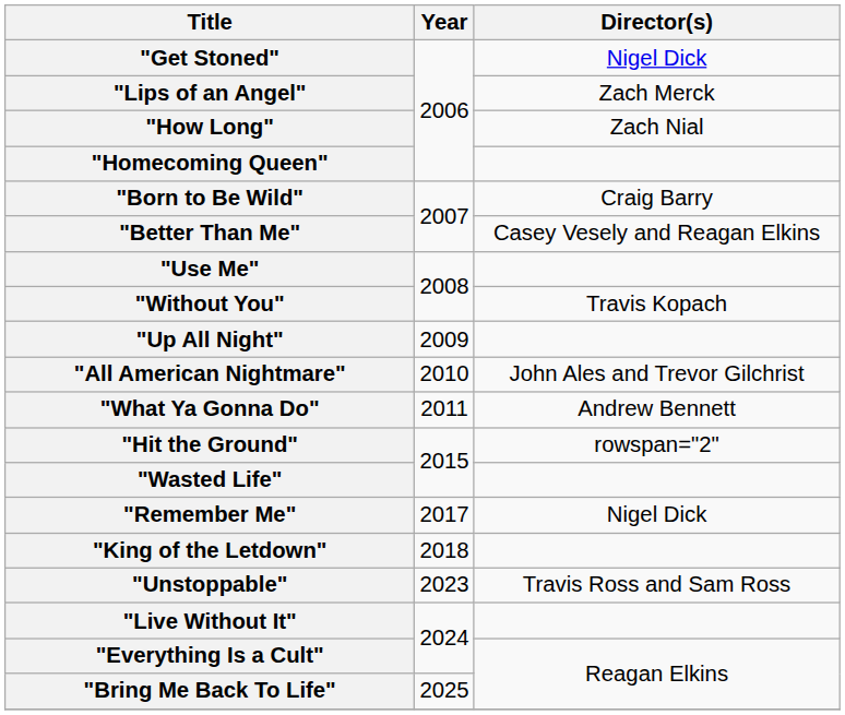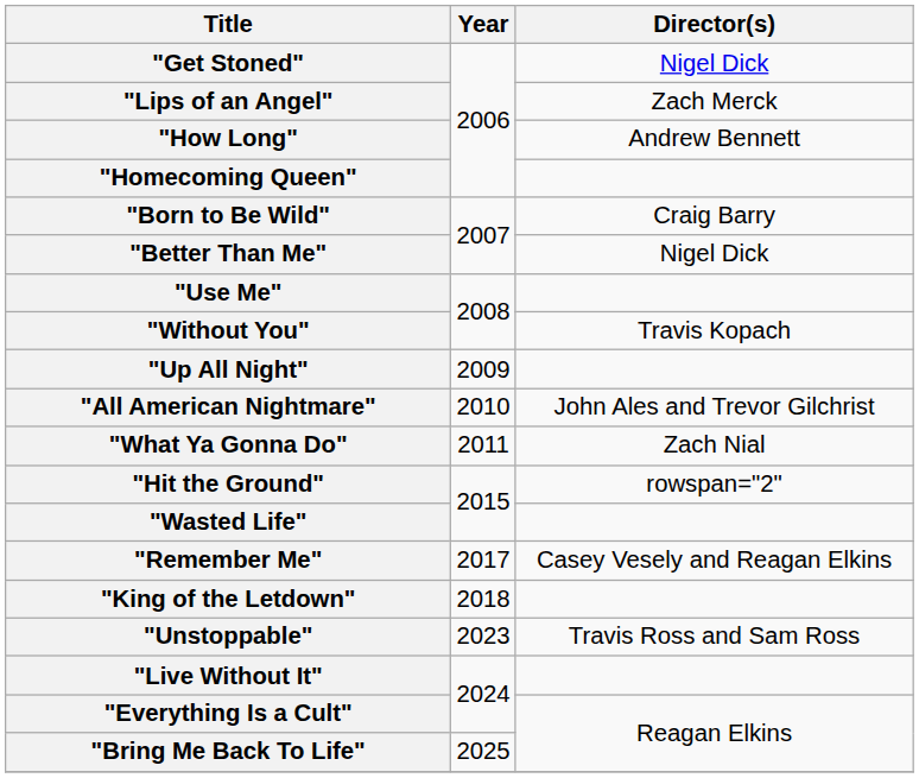 <table class="wikitable plainrowheaders" style="text-align:center;">
 <tr>
 <th scope="col" style="width:18em;">Title</th>
 <th scope="col">Year</th>
 <th scope="col" style="width:16em;">Director(s)</th>
 </tr>
 <tr>
 <th scope="row">"Get Stoned"</th>
 <td rowspan="4">2006</td>
 <td><a href='#'>Nigel Dick</a></td>
 </tr>
 <tr>
 <th scope="row">"Lips of an Angel"</th>
 <td>Zach Merck</td>
 </tr>
 <tr>
 <th scope="row">"How Long"</th>
-<td>Zach Nial</td>
+<td>Andrew Bennett</td>
 </tr>
 <tr>
 <th scope="row">"Homecoming Queen"</th>
 <td></td>
 </tr>
 <tr>
 <th scope="row">"Born to Be Wild"</th>
 <td rowspan="2">2007</td>
 <td>Craig Barry</td>
 </tr>
 <tr>
 <th scope="row">"Better Than Me"</th>
-<td>Casey Vesely and Reagan Elkins</td>
+<td>Nigel Dick</td>
 </tr>
 <tr>
 <th scope="row">"Use Me"</th>
 <td rowspan="2">2008</td>
 <td></td>
 </tr>
 <tr>
 <th scope="row">"Without You"</th>
 <td>Travis Kopach</td>
 </tr>
 <tr>
 <th scope="row">"Up All Night"</th>
 <td>2009</td>
 <td></td>
 </tr>
 <tr>
 <th scope="row">"All American Nightmare"</th>
 <td>2010</td>
 <td>John Ales and Trevor Gilchrist</td>
 </tr>
 <tr>
 <th scope="row">"What Ya Gonna Do"</th>
 <td>2011</td>
-<td>Andrew Bennett</td>
+<td>Zach Nial</td>
 </tr>
 <tr>
 <th scope="row">"Hit the Ground"</th>
 <td rowspan="2">2015</td>
 <td>rowspan="2" </td>
 </tr>
 <tr>
 <th scope="row">"Wasted Life"</th>
 </tr>
 <tr>
 <th scope="row">"Remember Me"</th>
 <td>2017</td>
-<td>Nigel Dick</td>
+<td>Casey Vesely and Reagan Elkins</td>
 </tr>
 <tr>
 <th scope="row">"King of the Letdown"</th>
 <td>2018</td>
 <td></td>
 </tr>
 <tr>
 <th scope="row">"Unstoppable"</th>
 <td>2023</td>
 <td>Travis Ross and Sam Ross</td>
 </tr>
 <tr>
 <th scope="row">"Live Without It"</th>
 <td rowspan="2">2024</td>
 <td></td>
 </tr>
 <tr>
 <th scope="row">"Everything Is a Cult"</th>
 <td rowspan="2">Reagan Elkins</td>
 </tr>
 <tr>
 <th scope="row">"Bring Me Back To Life"</th>
 <td>2025</td>
 </tr>
 <tr>
 </tr>
 </table>
